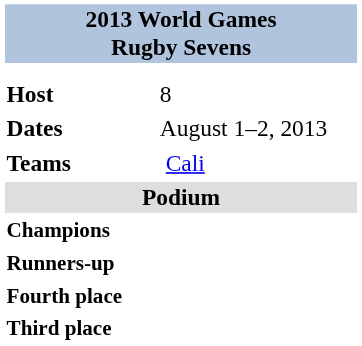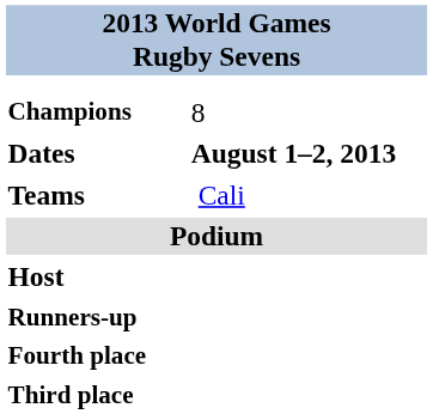 <table class="toccolours" style="float: right; margin: 0 0 1em 1em; font-size: 90%;" width=220px>
 <tr>
 <td colspan="2" style="background:#b0c4de; text-align:center; height:30px;"><strong>2013 World Games<br>Rugby Sevens</strong></td>
 </tr>
 <tr>
 <td colspan="2" style="text-align: center;"></td>
 </tr>
 <tr style="vertical-align:top;">
 <td colspan=2></td>
 </tr>
 <tr style="vertical-align:top;">
-<td><strong>Host</strong></td>
+<td style="font-size:90%; width:90px;"> <strong>Champions</strong></td>
 <td>8</td>
 </tr>
 <tr style="vertical-align:top;">
 <td><strong>Dates</strong></td>
-<td>August 1–2, 2013</td>
+<td><strong>August 1–2, 2013</strong></td>
 </tr>
 <tr style="vertical-align:top;">
 <td width=90><strong>Teams</strong></td>
 <td> <a href='#'>Cali</a></td>
 </tr>
 <tr>
 <td colspan="2" style="background: #dedede; text-align: center;"><strong>Podium</strong></td>
 </tr>
 <tr style="vertical-align:top;">
-<td style="font-size:90%; width:90px;"> <strong>Champions</strong></td>
+<td><strong>Host</strong></td>
 <td></td>
 </tr>
 <tr>
 <td style="font-size:90%; width:90px;"> <strong>Runners-up</strong></td>
 <td></td>
 </tr>
 <tr>
 <td style="font-size:90%; width:90px;"><strong>Fourth place</strong></td>
 <td></td>
 </tr>
 <tr>
 <td style="font-size:90%; width:90px;"> <strong>Third place</strong></td>
 <td></td>
 </tr>
 </table>
